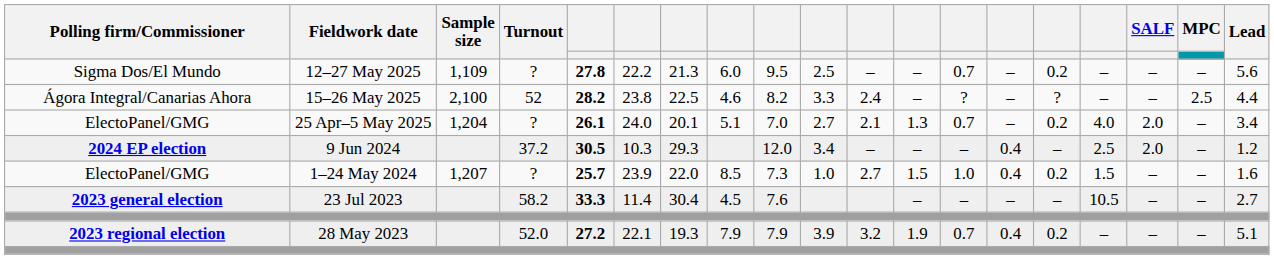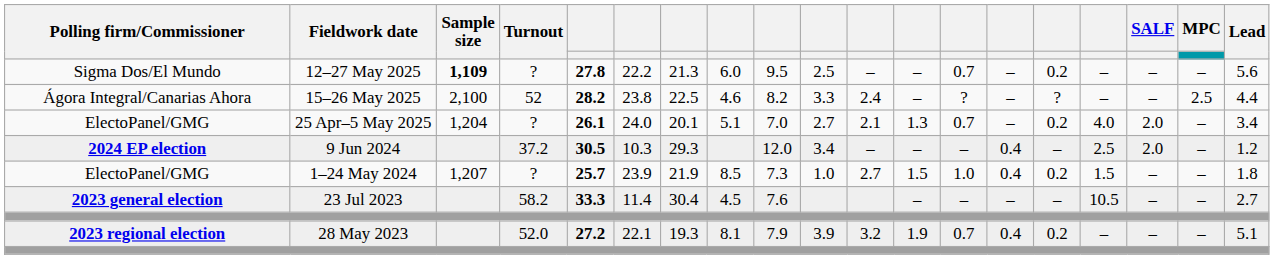 <table class="wikitable collapsible" style="text-align:center; font-size:95%; line-height:16px;">
 <tr style="height:42px;">
 <th style="width:250px;" rowspan="2">Polling firm/Commissioner</th>
 <th style="width:125px;" rowspan="2">Fieldwork date</th>
 <th style="width:50px;" rowspan="2">Sample size</th>
 <th style="width:45px;" rowspan="2">Turnout</th>
 <th style="width:35px;"></th>
 <th style="width:35px;"></th>
 <th style="width:35px;"></th>
 <th style="width:35px;"></th>
 <th style="width:35px;"></th>
 <th style="width:35px;"><br></th>
 <th style="width:35px;"></th>
 <th style="width:35px;"></th>
 <th style="width:35px;"></th>
 <th style="width:35px;"></th>
 <th style="width:35px;"></th>
 <th style="width:35px;"></th>
 <th style="width:35px;"><a href='#'>SALF</a></th>
 <th style="width:35px;">MPC</th>
 <th style="width:30px;" rowspan="2">Lead</th>
 </tr>
 <tr>
 <th style="color:inherit;background:"></th>
 <th style="color:inherit;background:"></th>
 <th style="color:inherit;background:"></th>
 <th style="color:inherit;background:"></th>
 <th style="color:inherit;background:"></th>
 <th style="color:inherit;background:"></th>
 <th style="color:inherit;background:"></th>
 <th style="color:inherit;background:"></th>
 <th style="color:inherit;background:"></th>
 <th style="color:inherit;background:"></th>
 <th style="color:inherit;background:"></th>
 <th style="color:inherit;background:"></th>
 <th style="color:inherit;background:"></th>
 <th style="color:inherit;background:#0099A9;"></th>
 </tr>
 <tr>
 <td>Sigma Dos/El Mundo</td>
 <td>12–27 May 2025</td>
-<td>1,109</td>
+<td><strong>1,109</strong></td>
 <td>?</td>
 <td><strong>27.8</strong><br></td>
 <td>22.2<br></td>
 <td>21.3<br></td>
 <td>6.0<br></td>
 <td>9.5<br></td>
 <td>2.5<br></td>
 <td>–</td>
 <td>–</td>
 <td>0.7<br></td>
 <td>–</td>
 <td>0.2<br></td>
 <td>–</td>
 <td>–</td>
 <td>–</td>
 <td style="background:">5.6</td>
 </tr>
 <tr>
 <td>Ágora Integral/Canarias Ahora</td>
 <td>15–26 May 2025</td>
 <td>2,100</td>
 <td>52</td>
 <td><strong>28.2</strong><br></td>
 <td>23.8<br></td>
 <td>22.5<br></td>
 <td>4.6<br></td>
 <td>8.2<br></td>
 <td>3.3<br></td>
 <td>2.4<br></td>
 <td>–</td>
 <td>?<br></td>
 <td>–</td>
 <td>?<br></td>
 <td>–</td>
 <td>–</td>
 <td>2.5<br></td>
 <td style="background:">4.4</td>
 </tr>
 <tr>
 <td>ElectoPanel/GMG</td>
 <td>25 Apr–5 May 2025</td>
 <td>1,204</td>
 <td>?</td>
 <td><strong>26.1</strong><br></td>
 <td>24.0<br></td>
 <td>20.1<br></td>
 <td>5.1<br></td>
 <td>7.0<br></td>
 <td>2.7<br></td>
 <td>2.1<br></td>
 <td>1.3<br></td>
 <td>0.7<br></td>
 <td>–</td>
 <td>0.2<br></td>
 <td>4.0<br></td>
 <td>2.0<br></td>
 <td>–</td>
 <td style="background:">3.4</td>
 </tr>
 <tr style="background:#EFEFEF;">
 <td><strong><a href='#'>2024 EP election</a></strong></td>
 <td>9 Jun 2024</td>
 <td></td>
 <td>37.2</td>
 <td><strong>30.5</strong><br></td>
 <td>10.3<br></td>
 <td>29.3<br></td>
 <td></td>
 <td>12.0<br></td>
 <td>3.4<br></td>
 <td>–</td>
 <td>–</td>
 <td>–</td>
 <td>0.4<br></td>
 <td>–</td>
 <td>2.5<br></td>
 <td>2.0<br></td>
 <td>–</td>
 <td style="background:">1.2</td>
 </tr>
 <tr>
 <td>ElectoPanel/GMG</td>
 <td>1–24 May 2024</td>
 <td>1,207</td>
 <td>?</td>
 <td><strong>25.7</strong><br></td>
 <td>23.9<br></td>
-<td>22.0<br></td>
+<td>21.9<br></td>
 <td>8.5<br></td>
 <td>7.3<br></td>
 <td>1.0<br></td>
 <td>2.7<br></td>
 <td>1.5<br></td>
 <td>1.0<br></td>
 <td>0.4<br></td>
 <td>0.2<br></td>
 <td>1.5<br></td>
 <td>–</td>
 <td>–</td>
-<td style="background:">1.6</td>
+<td style="background:">1.8</td>
 </tr>
 <tr style="background:#EFEFEF;">
 <td><strong><a href='#'>2023 general election</a></strong></td>
 <td>23 Jul 2023</td>
 <td></td>
 <td>58.2</td>
 <td><strong>33.3</strong><br></td>
 <td>11.4<br></td>
 <td>30.4<br></td>
 <td>4.5<br></td>
 <td>7.6<br></td>
 <td></td>
 <td></td>
 <td>–</td>
 <td>–</td>
 <td>–</td>
 <td>–</td>
 <td>10.5<br></td>
 <td>–</td>
 <td>–</td>
 <td style="background:">2.7</td>
 </tr>
 <tr>
 <td colspan="19" style="background:#A0A0A0"></td>
 </tr>
 <tr style="background:#EFEFEF;">
 <td><strong><a href='#'>2023 regional election</a></strong></td>
 <td>28 May 2023</td>
 <td></td>
 <td>52.0</td>
 <td><strong>27.2</strong><br></td>
 <td>22.1<br></td>
 <td>19.3<br></td>
-<td>7.9<br></td>
+<td>8.1<br></td>
 <td>7.9<br></td>
 <td>3.9<br></td>
 <td>3.2<br></td>
 <td>1.9<br></td>
 <td>0.7<br></td>
 <td>0.4<br></td>
 <td>0.2<br></td>
 <td>–</td>
 <td>–</td>
 <td>–</td>
 <td style="background:">5.1</td>
 </tr>
 <tr>
 <td colspan="19" style="background:#A0A0A0"></td>
 </tr>
 </table>
